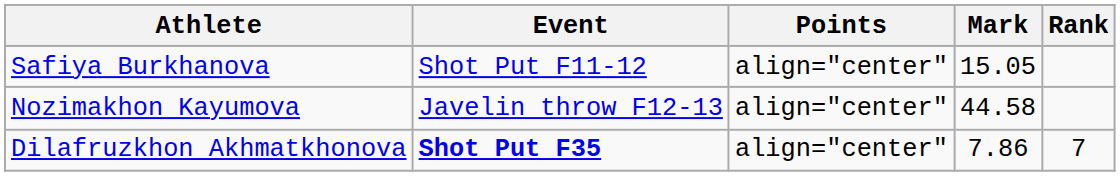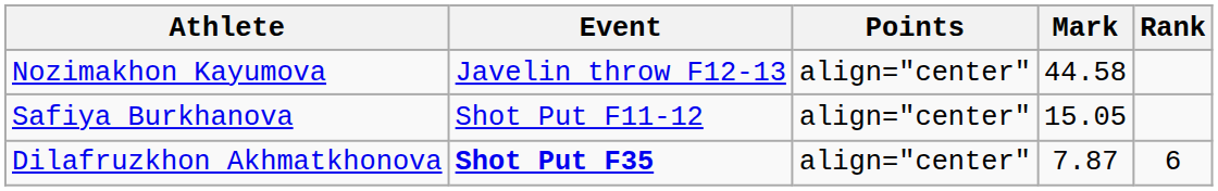 <table class=wikitable>
 <tr>
 <th>Athlete</th>
 <th>Event</th>
 <th>Points</th>
 <th>Mark</th>
 <th>Rank</th>
 </tr>
 <tr>
+<td><a href='#'>Nozimakhon Kayumova</a></td>
+<td><a href='#'>Javelin throw F12-13</a></td>
+<td>align="center" </td>
+<td align="center">44.58</td>
+<td align="center"></td>
+</tr>
+<tr>
 <td><a href='#'>Safiya Burkhanova</a></td>
 <td><a href='#'>Shot Put F11-12</a></td>
 <td>align="center" </td>
 <td align="center">15.05</td>
 <td align="center"></td>
 </tr>
 <tr>
-<td><a href='#'>Nozimakhon Kayumova</a></td>
-<td><a href='#'>Javelin throw F12-13</a></td>
-<td>align="center" </td>
-<td align="center">44.58</td>
-<td align="center"></td>
-</tr>
-<tr>
 <td><a href='#'>Dilafruzkhon Akhmatkhonova</a></td>
 <td><strong><a href='#'>Shot Put F35</a></strong></td>
 <td>align="center" </td>
-<td align="center">7.86</td>
-<td align="center">7</td>
+<td align="center">7.87</td>
+<td align="center">6</td>
 </tr>
 </table>
